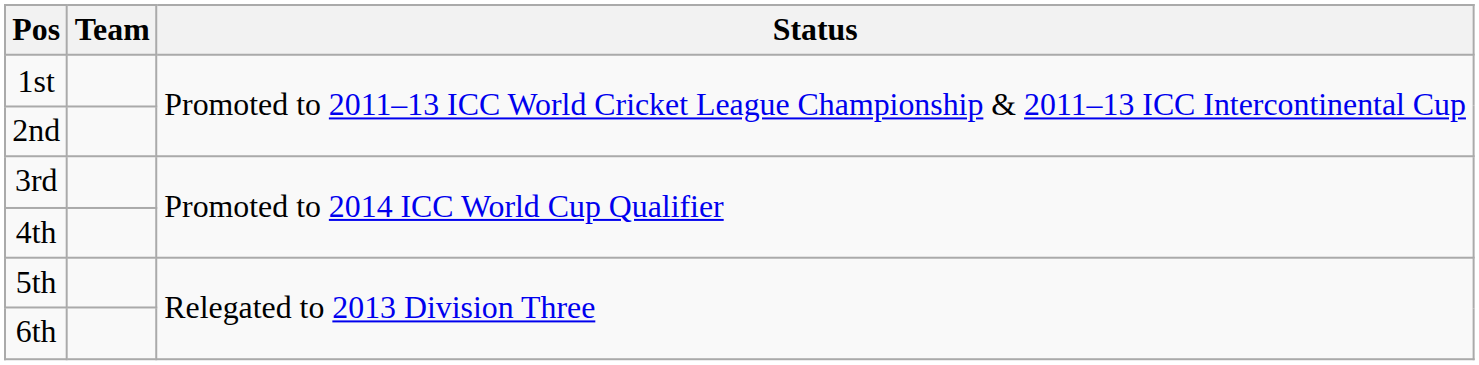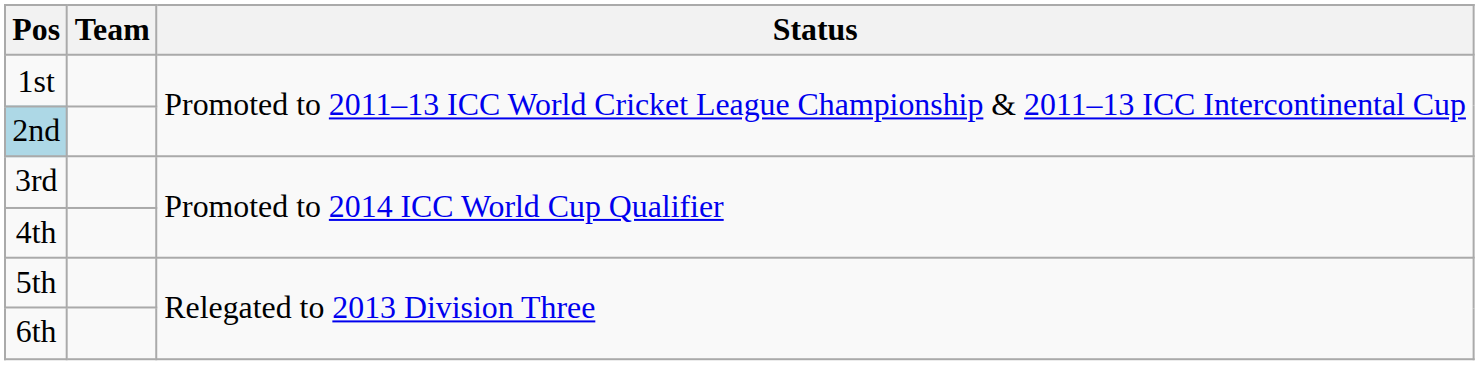 <table class="wikitable">
 <tr>
 <th>Pos</th>
 <th>Team</th>
 <th>Status</th>
 </tr>
 <tr>
 <td align="center">1st</td>
 <td></td>
 <td rowspan=2>Promoted to <a href='#'>2011–13 ICC World Cricket League Championship</a> & <a href='#'>2011–13 ICC Intercontinental Cup</a></td>
 </tr>
 <tr>
-<td align="center">2nd</td>
+<td align="center" style="background: lightblue;">2nd</td>
 <td></td>
 </tr>
 <tr>
 <td align="center">3rd</td>
 <td></td>
 <td rowspan=2>Promoted to <a href='#'>2014 ICC World Cup Qualifier</a></td>
 </tr>
 <tr>
 <td align="center">4th</td>
 <td></td>
 </tr>
 <tr>
 <td align="center">5th</td>
 <td></td>
 <td rowspan=2>Relegated to <a href='#'>2013 Division Three</a></td>
 </tr>
 <tr>
 <td align="center">6th</td>
 <td></td>
 </tr>
 </table>
